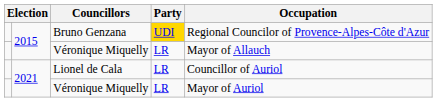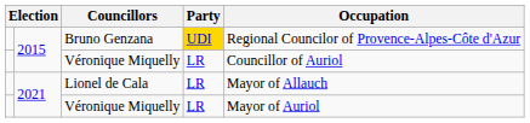 <table class="wikitable">
 <tr>
 <th colspan="2">Election</th>
 <th>Councillors</th>
 <th>Party</th>
 <th>Occupation</th>
 </tr>
 <tr>
 <td style="background-color: "></td>
 <td rowspan="2"><a href='#'>2015</a></td>
 <td>Bruno Genzana</td>
 <td style="background: gold;"><a href='#'>UDI</a></td>
 <td>Regional Councilor of <a href='#'>Provence-Alpes-Côte d'Azur</a></td>
 </tr>
 <tr>
 <td style="background-color: "></td>
 <td>Véronique Miquelly</td>
 <td><a href='#'>LR</a></td>
-<td>Mayor of <a href='#'>Allauch</a></td>
+<td>Councillor of <a href='#'>Auriol</a></td>
 </tr>
 <tr>
 <td style="background-color: "></td>
 <td rowspan="2"><a href='#'>2021</a></td>
 <td>Lionel de Cala</td>
 <td><a href='#'>LR</a></td>
-<td>Councillor of <a href='#'>Auriol</a></td>
+<td>Mayor of <a href='#'>Allauch</a></td>
 </tr>
 <tr>
 <td style="background-color: "></td>
 <td>Véronique Miquelly</td>
 <td><a href='#'>LR</a></td>
 <td>Mayor of <a href='#'>Auriol</a></td>
 </tr>
 </table>
